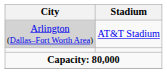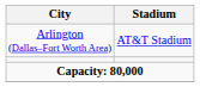 <table class="wikitable" style="margin:1em auto; text-align:center;">
 <tr>
 <th>City</th>
 <th>Stadium</th>
 </tr>
 <tr>
-<td style="background: lightgrey;"><a href='#'>Arlington</a><br> <small>(<a href='#'>Dallas–Fort Worth Area</a>)</small></td>
+<td><a href='#'>Arlington</a><br> <small>(<a href='#'>Dallas–Fort Worth Area</a>)</small></td>
 <td><a href='#'>AT&T Stadium</a></td>
 </tr>
 <tr>
 <td></td>
 <td></td>
 </tr>
 <tr>
 <td colspan="2"><strong>Capacity:</strong> <strong>80,000</strong></td>
 </tr>
 <tr>
 </tr>
 </table>
